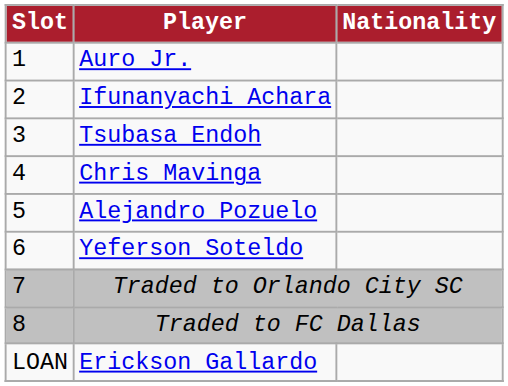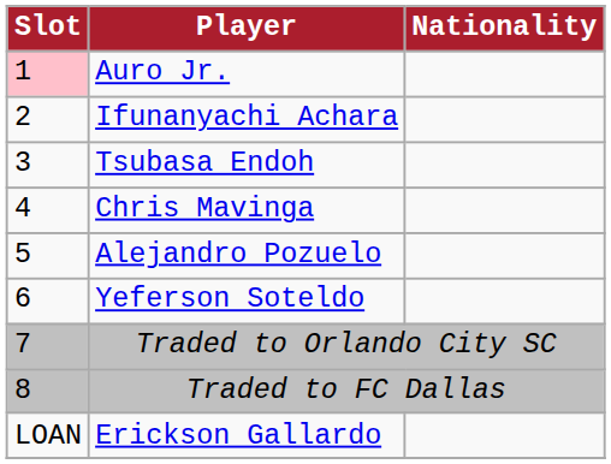 <table class="wikitable" style="text-align:left; margin-left:1em; font-size:95%;">
 <tr>
 <th style="background:#AB1E2D; color:white; text-align:center;">Slot</th>
 <th style="background:#AB1E2D; color:white; text-align:center;">Player</th>
 <th style="background:#AB1E2D; color:white; text-align:center;">Nationality</th>
 </tr>
 <tr>
-<td>1</td>
+<td style="background: pink;">1</td>
 <td><a href='#'>Auro Jr.</a></td>
 <td></td>
 </tr>
 <tr>
 <td>2</td>
 <td><a href='#'>Ifunanyachi Achara</a></td>
 <td></td>
 </tr>
 <tr>
 <td>3</td>
 <td><a href='#'>Tsubasa Endoh</a></td>
 <td></td>
 </tr>
 <tr>
 <td>4</td>
 <td><a href='#'>Chris Mavinga</a></td>
 <td></td>
 </tr>
 <tr>
 <td>5</td>
 <td><a href='#'>Alejandro Pozuelo</a></td>
 <td></td>
 </tr>
 <tr>
 <td>6</td>
 <td><a href='#'>Yeferson Soteldo</a></td>
 <td></td>
 </tr>
 <tr>
 <td bgcolor=#C0C0C0>7</td>
 <td colspan=2 style="text-align: center;" bgcolor=#C0C0C0><em>Traded to Orlando City SC</em></td>
 </tr>
 <tr>
 <td bgcolor=#C0C0C0>8</td>
 <td colspan=2 style="text-align: center;" bgcolor=#C0C0C0><em>Traded to FC Dallas</em></td>
 </tr>
 <tr>
 <td>LOAN</td>
 <td><a href='#'>Erickson Gallardo</a></td>
 <td></td>
 </tr>
 <tr>
 </tr>
 </table>
